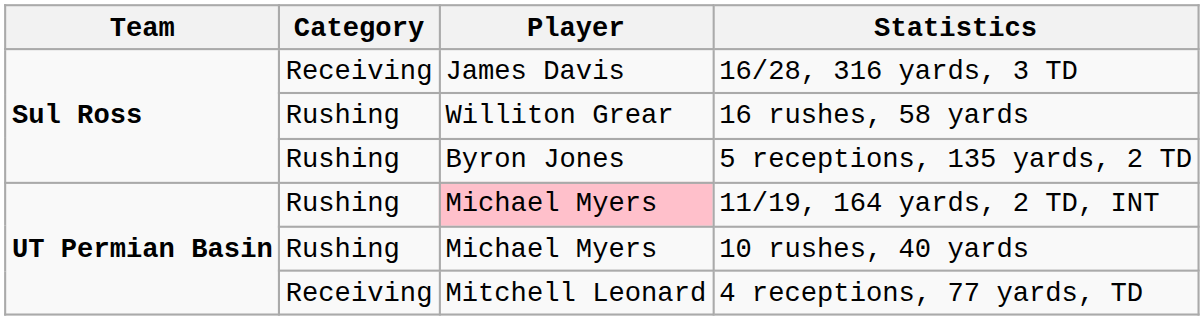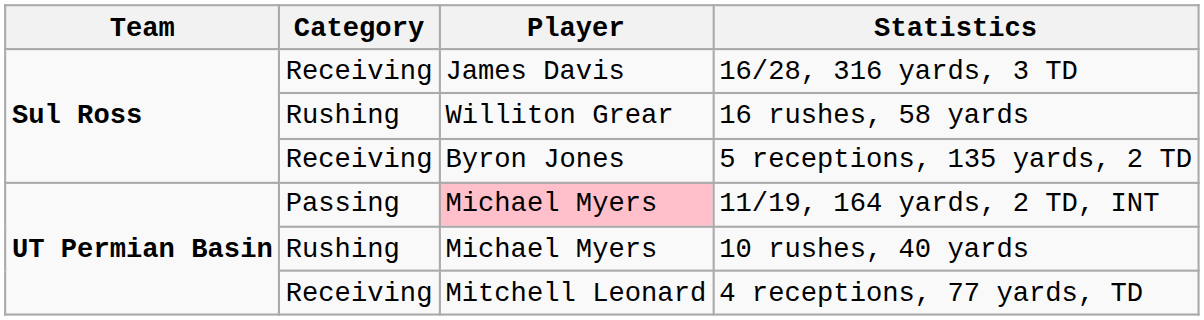 <table class="wikitable" style="float: right;">
 <tr>
 <th>Team</th>
 <th>Category</th>
 <th>Player</th>
 <th>Statistics</th>
 </tr>
 <tr>
 <td rowspan=3><strong>Sul Ross</strong></td>
 <td>Receiving</td>
 <td>James Davis</td>
 <td>16/28, 316 yards, 3 TD</td>
 </tr>
 <tr>
 <td>Rushing</td>
 <td>Williton Grear</td>
 <td>16 rushes, 58 yards</td>
 </tr>
 <tr>
-<td>Rushing</td>
+<td>Receiving</td>
 <td>Byron Jones</td>
 <td>5 receptions, 135 yards, 2 TD</td>
 </tr>
 <tr>
 <td rowspan=3><strong>UT Permian Basin</strong></td>
-<td>Rushing</td>
+<td>Passing</td>
 <td style="background: pink;">Michael Myers</td>
 <td>11/19, 164 yards, 2 TD, INT</td>
 </tr>
 <tr>
 <td>Rushing</td>
 <td>Michael Myers</td>
 <td>10 rushes, 40 yards</td>
 </tr>
 <tr>
 <td>Receiving</td>
 <td>Mitchell Leonard</td>
 <td>4 receptions, 77 yards, TD</td>
 </tr>
 </table>
